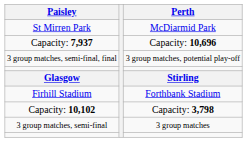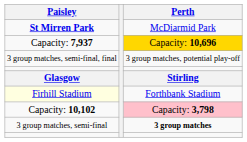 <table class="wikitable" style="margin:1em auto; text-align:center">
 <tr>
 <th><a href='#'>Paisley</a></th>
 <th rowspan=10><div><br> </div></th>
 <th><a href='#'>Perth</a></th>
 </tr>
 <tr>
-<td><a href='#'>St Mirren Park</a></td>
+<td><strong><a href='#'>St Mirren Park</a></strong></td>
 <td><a href='#'>McDiarmid Park</a></td>
 </tr>
 <tr>
 <td>Capacity: <strong>7,937</strong></td>
-<td>Capacity: <strong>10,696</strong></td>
+<td style="background: gold;">Capacity: <strong>10,696</strong></td>
 </tr>
 <tr>
 <td><small>3 group matches, semi-final, final</small></td>
 <td><small>3 group matches, potential play-off</small></td>
 </tr>
 <tr>
 <td></td>
 <td></td>
 </tr>
 <tr>
 <th><a href='#'>Glasgow</a></th>
 <th><a href='#'>Stirling</a></th>
 </tr>
 <tr>
-<td><a href='#'>Firhill Stadium</a></td>
+<td style="background: lightyellow;"><a href='#'>Firhill Stadium</a></td>
 <td><a href='#'>Forthbank Stadium</a></td>
 </tr>
 <tr>
 <td>Capacity: <strong>10,102</strong></td>
-<td>Capacity: <strong>3,798</strong></td>
+<td style="background: pink;">Capacity: <strong>3,798</strong></td>
 </tr>
 <tr>
 <td><small>3 group matches, semi-final</small></td>
-<td><small>3 group matches</small></td>
+<td><strong><small>3 group matches</small></strong></td>
 </tr>
 <tr>
 <td></td>
 <td></td>
 </tr>
 </table>
